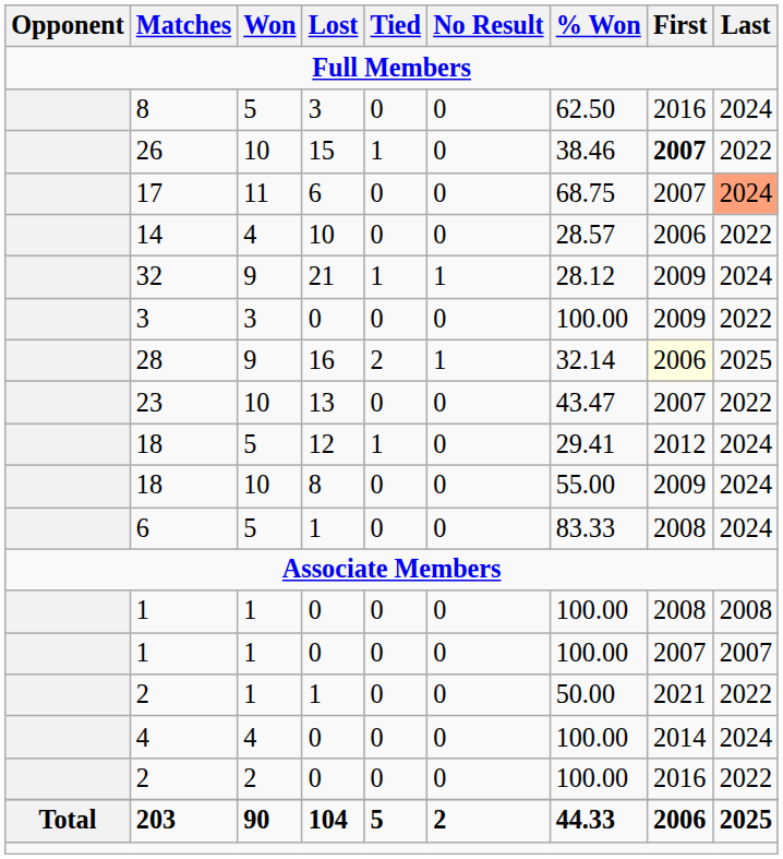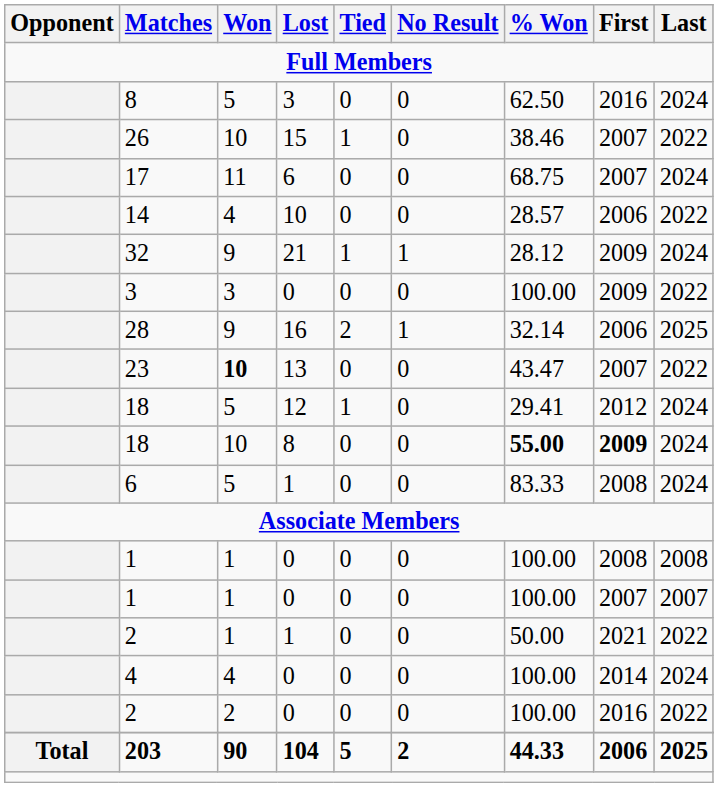 <table class="wikitable plainrowheaders sortable">
 <tr>
 <th scope="col">Opponent</th>
 <th scope="col"><a href='#'>Matches</a></th>
 <th scope="col"><a href='#'>Won</a></th>
 <th scope="col"><a href='#'>Lost</a></th>
 <th scope="col"><a href='#'>Tied</a></th>
 <th scope="col"><a href='#'>No Result</a></th>
 <th scope="col"><a href='#'>% Won</a></th>
 <th scope="col">First</th>
 <th scope="col">Last</th>
 </tr>
 <tr>
 <td style="text-align: center;" colspan="9"><strong><a href='#'>Full Members</a></strong></td>
 </tr>
 <tr>
 <th scope=row></th>
 <td>8</td>
 <td>5</td>
 <td>3</td>
 <td>0</td>
 <td>0</td>
 <td>62.50</td>
 <td>2016</td>
 <td>2024</td>
 </tr>
 <tr>
 <th scope=row></th>
 <td>26</td>
 <td>10</td>
 <td>15</td>
 <td>1</td>
 <td>0</td>
 <td>38.46</td>
-<td><strong>2007</strong></td>
+<td>2007</td>
 <td>2022</td>
 </tr>
 <tr>
 <th scope=row></th>
 <td>17</td>
 <td>11</td>
 <td>6</td>
 <td>0</td>
 <td>0</td>
 <td>68.75</td>
 <td>2007</td>
-<td style="background: lightsalmon;">2024</td>
+<td>2024</td>
 </tr>
 <tr>
 <th scope=row></th>
 <td>14</td>
 <td>4</td>
 <td>10</td>
 <td>0</td>
 <td>0</td>
 <td>28.57</td>
 <td>2006</td>
 <td>2022</td>
 </tr>
 <tr>
 <th scope=row></th>
 <td>32</td>
 <td>9</td>
 <td>21</td>
 <td>1</td>
 <td>1</td>
 <td>28.12</td>
 <td>2009</td>
 <td>2024</td>
 </tr>
 <tr>
 <th scope=row></th>
 <td>3</td>
 <td>3</td>
 <td>0</td>
 <td>0</td>
 <td>0</td>
 <td>100.00</td>
 <td>2009</td>
 <td>2022</td>
 </tr>
 <tr>
 <th scope=row></th>
 <td>28</td>
 <td>9</td>
 <td>16</td>
 <td>2</td>
 <td>1</td>
 <td>32.14</td>
-<td style="background: lightyellow;">2006</td>
+<td>2006</td>
 <td>2025</td>
 </tr>
 <tr>
 <th scope=row></th>
 <td>23</td>
-<td>10</td>
+<td><strong>10</strong></td>
 <td>13</td>
 <td>0</td>
 <td>0</td>
 <td>43.47</td>
 <td>2007</td>
 <td>2022</td>
 </tr>
 <tr>
 <th scope=row></th>
 <td>18</td>
 <td>5</td>
 <td>12</td>
 <td>1</td>
 <td>0</td>
 <td>29.41</td>
 <td>2012</td>
 <td>2024</td>
 </tr>
 <tr>
 <th scope=row></th>
 <td>18</td>
 <td>10</td>
 <td>8</td>
 <td>0</td>
 <td>0</td>
-<td>55.00</td>
-<td>2009</td>
+<td><strong>55.00</strong></td>
+<td><strong>2009</strong></td>
 <td>2024</td>
 </tr>
 <tr>
 <th scope=row></th>
 <td>6</td>
 <td>5</td>
 <td>1</td>
 <td>0</td>
 <td>0</td>
 <td>83.33</td>
 <td>2008</td>
 <td>2024</td>
 </tr>
 <tr>
 <td colspan="10" style="text-align: center;"><strong><a href='#'>Associate Members</a></strong></td>
 </tr>
 <tr>
 <th scope=row></th>
 <td>1</td>
 <td>1</td>
 <td>0</td>
 <td>0</td>
 <td>0</td>
 <td>100.00</td>
 <td>2008</td>
 <td>2008</td>
 </tr>
 <tr>
 <th scope=row></th>
 <td>1</td>
 <td>1</td>
 <td>0</td>
 <td>0</td>
 <td>0</td>
 <td>100.00</td>
 <td>2007</td>
 <td>2007</td>
 </tr>
 <tr>
 <th scope=row></th>
 <td>2</td>
 <td>1</td>
 <td>1</td>
 <td>0</td>
 <td>0</td>
 <td>50.00</td>
 <td>2021</td>
 <td>2022</td>
 </tr>
 <tr>
 <th scope=row></th>
 <td>4</td>
 <td>4</td>
 <td>0</td>
 <td>0</td>
 <td>0</td>
 <td>100.00</td>
 <td>2014</td>
 <td>2024</td>
 </tr>
 <tr>
 <th scope=row></th>
 <td>2</td>
 <td>2</td>
 <td>0</td>
 <td>0</td>
 <td>0</td>
 <td>100.00</td>
 <td>2016</td>
 <td>2022</td>
 </tr>
 <tr>
 </tr>
 <tr class="sortbottom">
 <th scope="row" style="text-align:center">Total</th>
 <td><strong>203</strong></td>
 <td><strong>90</strong></td>
 <td><strong>104</strong></td>
 <td><strong>5</strong></td>
 <td><strong>2</strong></td>
 <td><strong>44.33</strong></td>
 <td><strong>2006</strong></td>
 <td><strong>2025</strong></td>
 </tr>
 <tr>
 <td colspan=10></td>
 </tr>
 </table>
